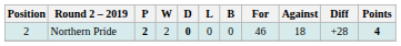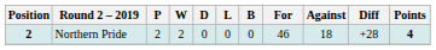 <table class="wikitable" style="text-align:center; font-size:85%;">
 <tr style="background: #d7ebed;">
 <th width="40" abbr="Position">Position</th>
 <th width="100">Round 2 – 2019</th>
 <th width="20" abbr="Played">P</th>
 <th width="20" abbr="Won">W</th>
 <th width="20" abbr="Drawn">D</th>
 <th width="20" abbr="Lost">L</th>
 <th width="20" abbr="Bye">B</th>
 <th width="40" abbr="Points for">For</th>
 <th width="40" abbr="Points against">Against</th>
 <th width="40" abbr="Points difference">Diff</th>
 <th width="40" abbr="Points">Points</th>
 </tr>
 <tr style="background: #d7ebed;">
+<td><strong>2</strong></td>
+<td style="text-align:left;"> Northern Pride</td>
 <td>2</td>
-<td style="text-align:left;"> Northern Pride</td>
-<td><strong>2</strong></td>
 <td>2</td>
-<td><strong>0</strong></td>
+<td>0</td>
 <td>0</td>
 <td>0</td>
 <td>46</td>
 <td>18</td>
 <td>+28</td>
 <td><strong>4</strong></td>
 </tr>
 <tr>
 </tr>
 </table>
